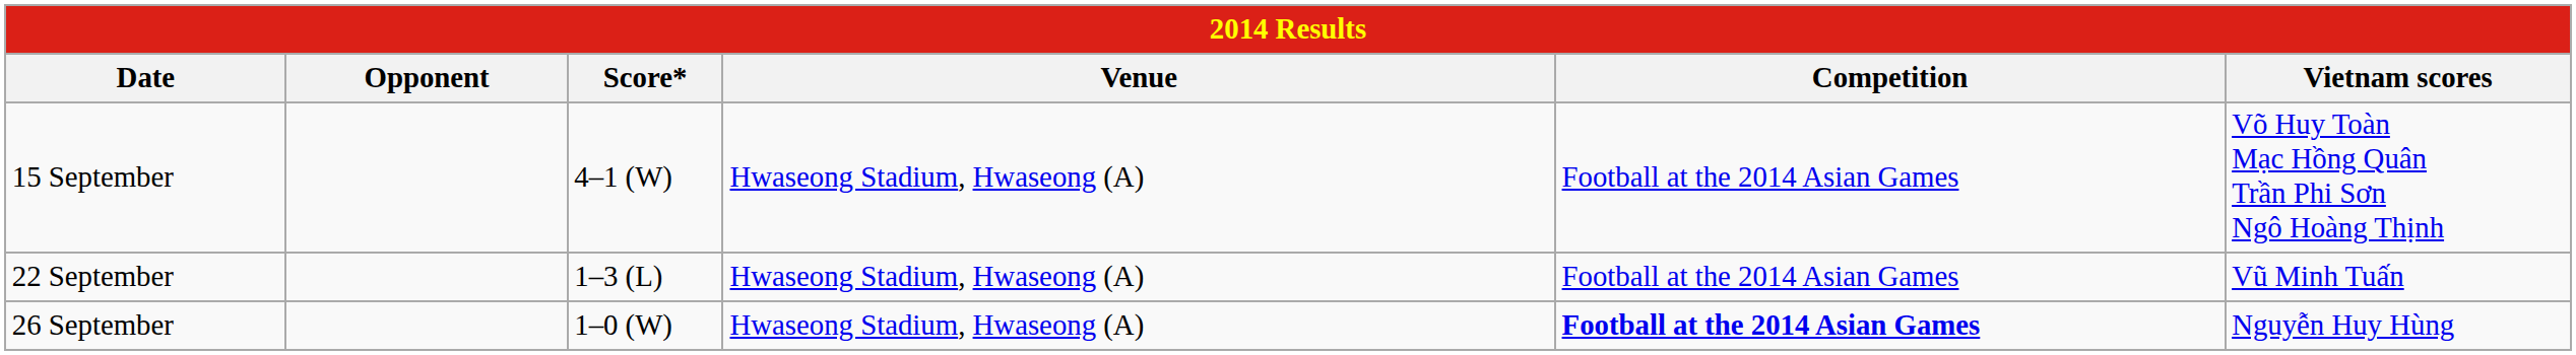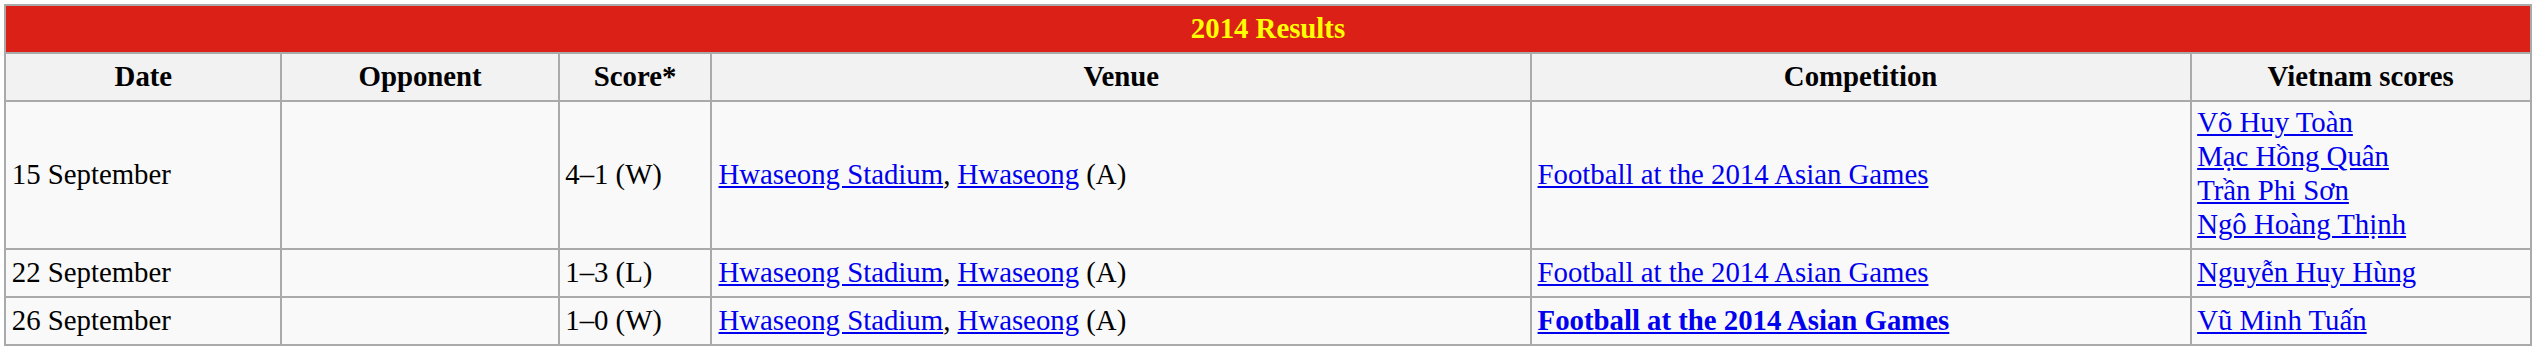 <table class="wikitable" width=100% style="text-align:left;font-size:90%;">
 <tr>
 <th colspan=9 style="background: #DB2017; color: #FFFF00;">2014 Results</th>
 </tr>
 <tr>
 <th width=80>Date</th>
 <th width=80>Opponent</th>
 <th width=20>Score*</th>
 <th width=250>Venue</th>
 <th width=200>Competition</th>
 <th width=100>Vietnam scores</th>
 </tr>
 <tr>
 <td>15 September</td>
 <td></td>
 <td>4–1 (W)</td>
 <td><a href='#'>Hwaseong Stadium</a>, <a href='#'>Hwaseong</a> (A)</td>
 <td><a href='#'>Football at the 2014 Asian Games</a></td>
 <td><a href='#'>Võ Huy Toàn</a> <br><a href='#'>Mạc Hồng Quân</a> <br><a href='#'>Trần Phi Sơn</a> <br><a href='#'>Ngô Hoàng Thịnh</a> </td>
 </tr>
 <tr>
 <td>22 September</td>
 <td></td>
 <td>1–3 (L)</td>
 <td><a href='#'>Hwaseong Stadium</a>, <a href='#'>Hwaseong</a> (A)</td>
 <td><a href='#'>Football at the 2014 Asian Games</a></td>
-<td><a href='#'>Vũ Minh Tuấn</a> </td>
+<td><a href='#'>Nguyễn Huy Hùng</a> </td>
 </tr>
 <tr>
 <td>26 September</td>
 <td></td>
 <td>1–0 (W)</td>
 <td><a href='#'>Hwaseong Stadium</a>, <a href='#'>Hwaseong</a> (A)</td>
 <td><strong><a href='#'>Football at the 2014 Asian Games</a></strong></td>
-<td><a href='#'>Nguyễn Huy Hùng</a> </td>
+<td><a href='#'>Vũ Minh Tuấn</a> </td>
 </tr>
 </table>
